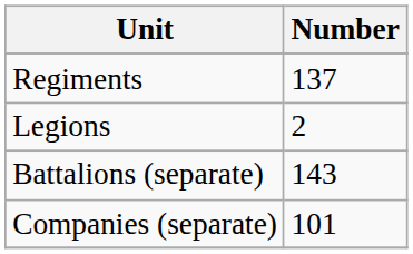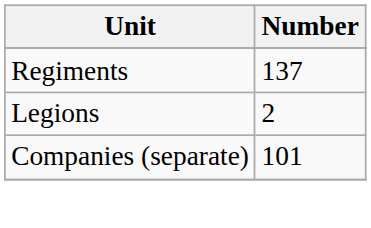 <table class="wikitable" style="display: inline-table;">
 <tr>
 <th><strong>Unit</strong></th>
 <th><strong>Number</strong></th>
 </tr>
 <tr>
 </tr>
 <tr>
 <td>Regiments</td>
 <td>137</td>
 </tr>
 <tr>
 <td>Legions</td>
 <td>2</td>
 </tr>
 <tr>
-<td>Battalions (separate)</td>
-<td>143</td>
-</tr>
-<tr>
 <td>Companies (separate)</td>
 <td>101</td>
 </tr>
 <tr>
 </tr>
 </table>
